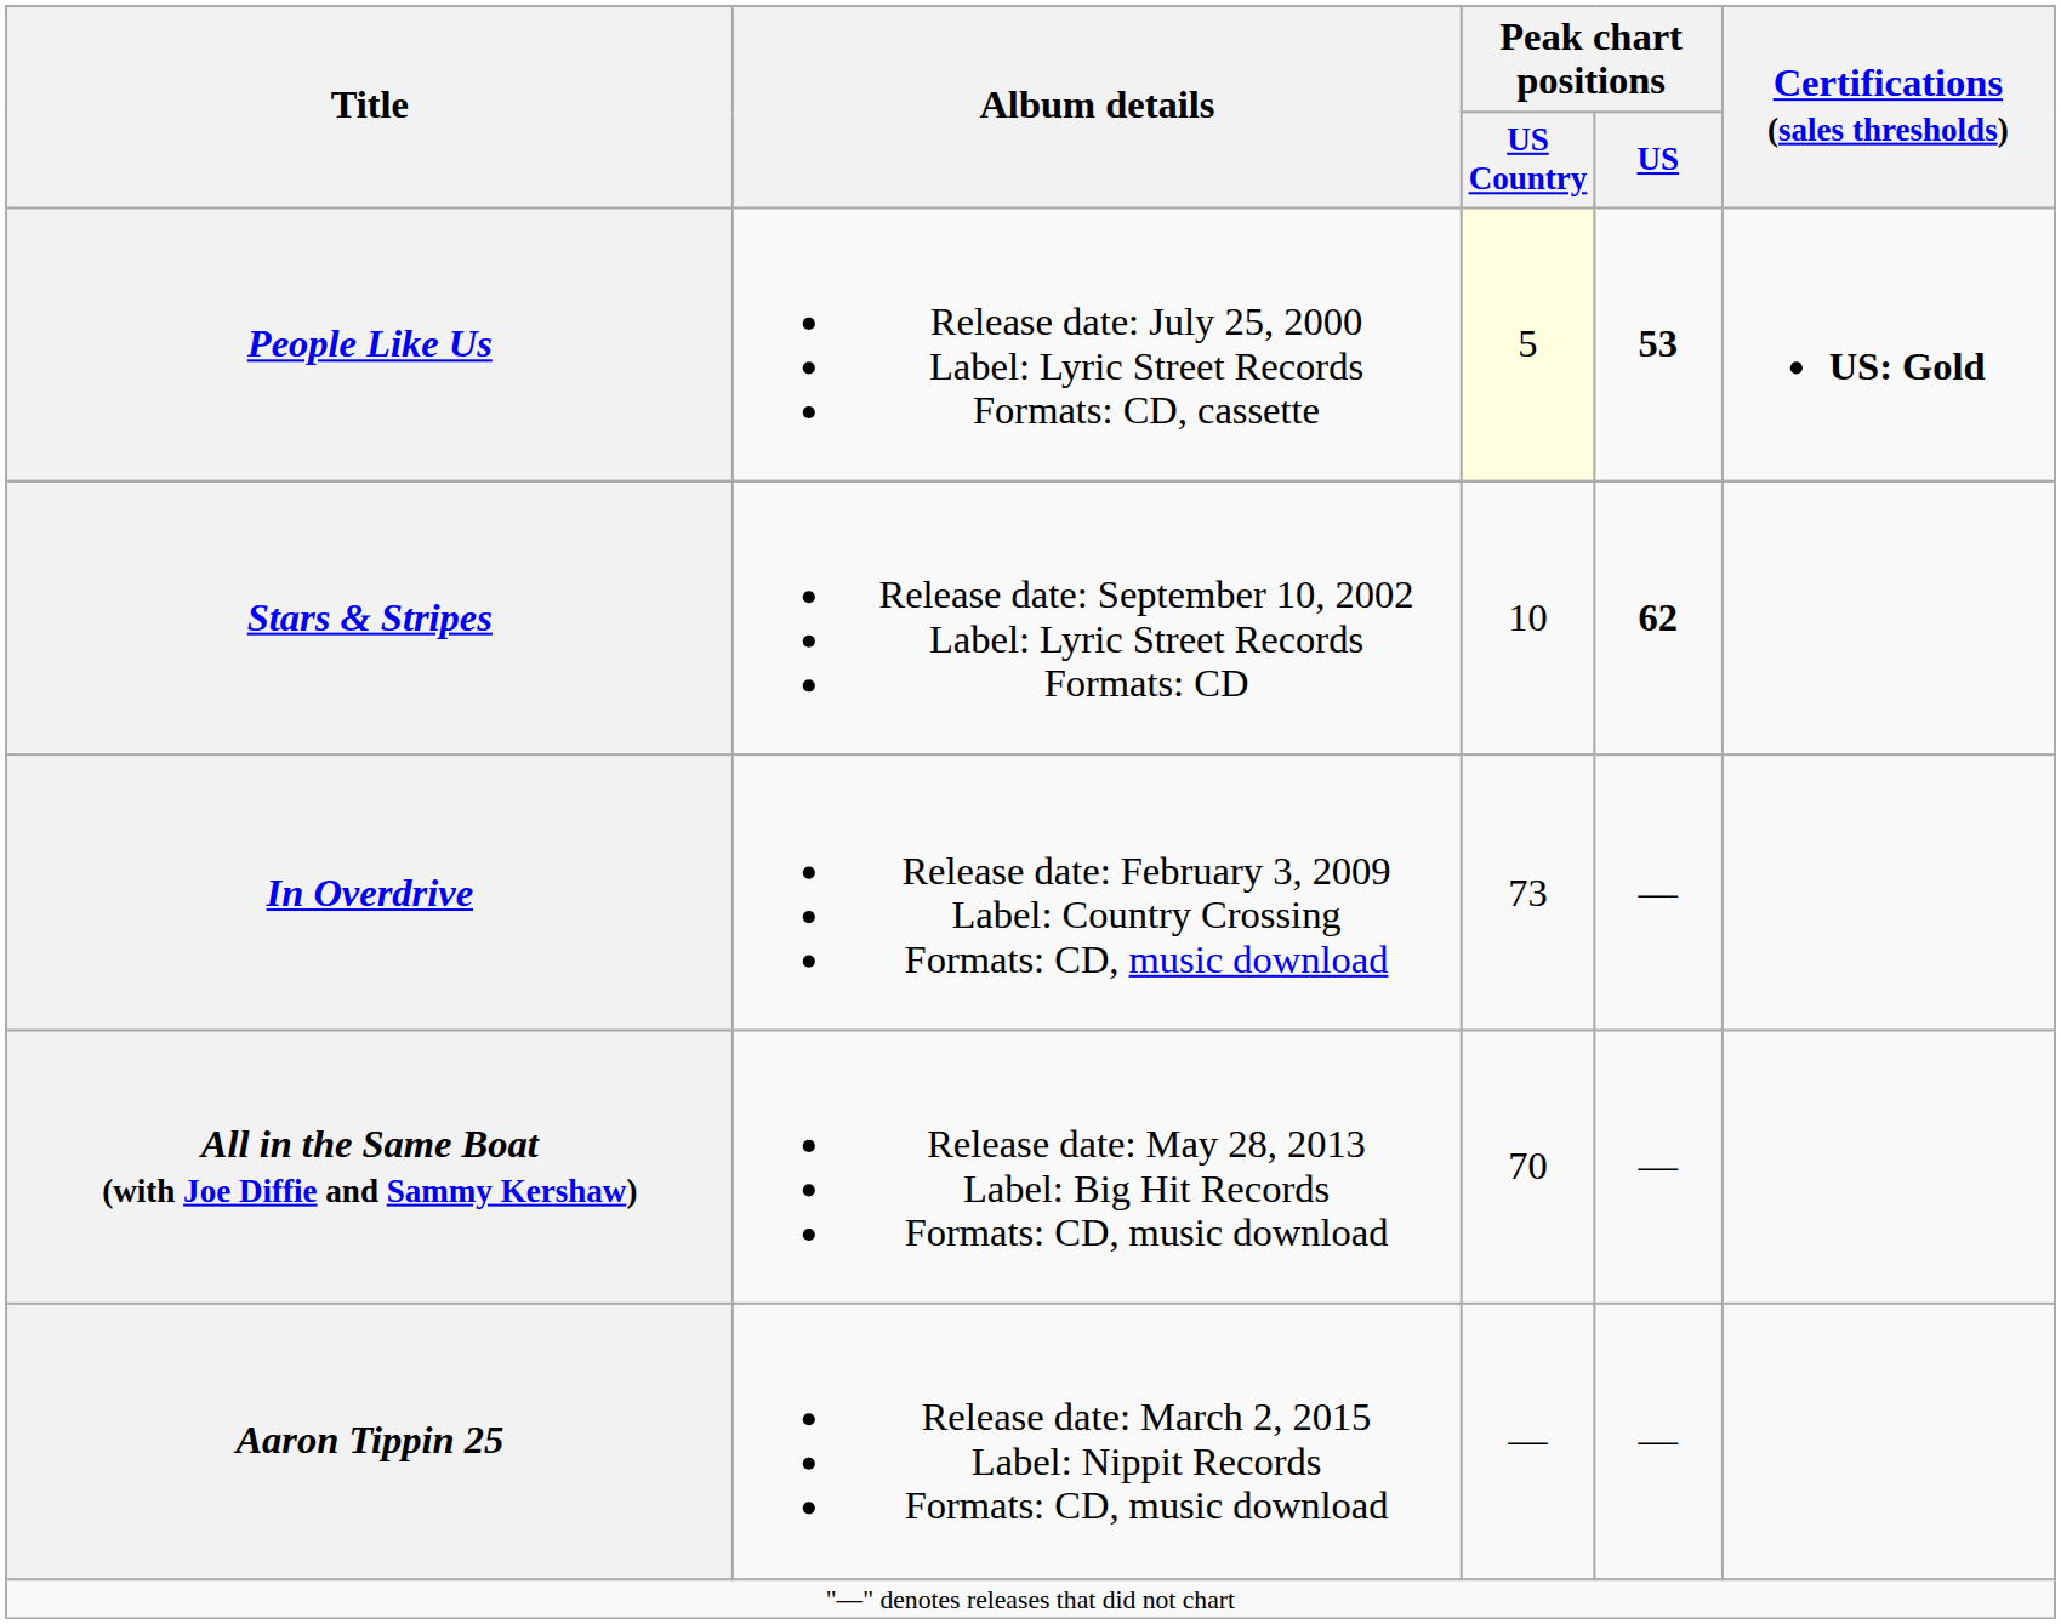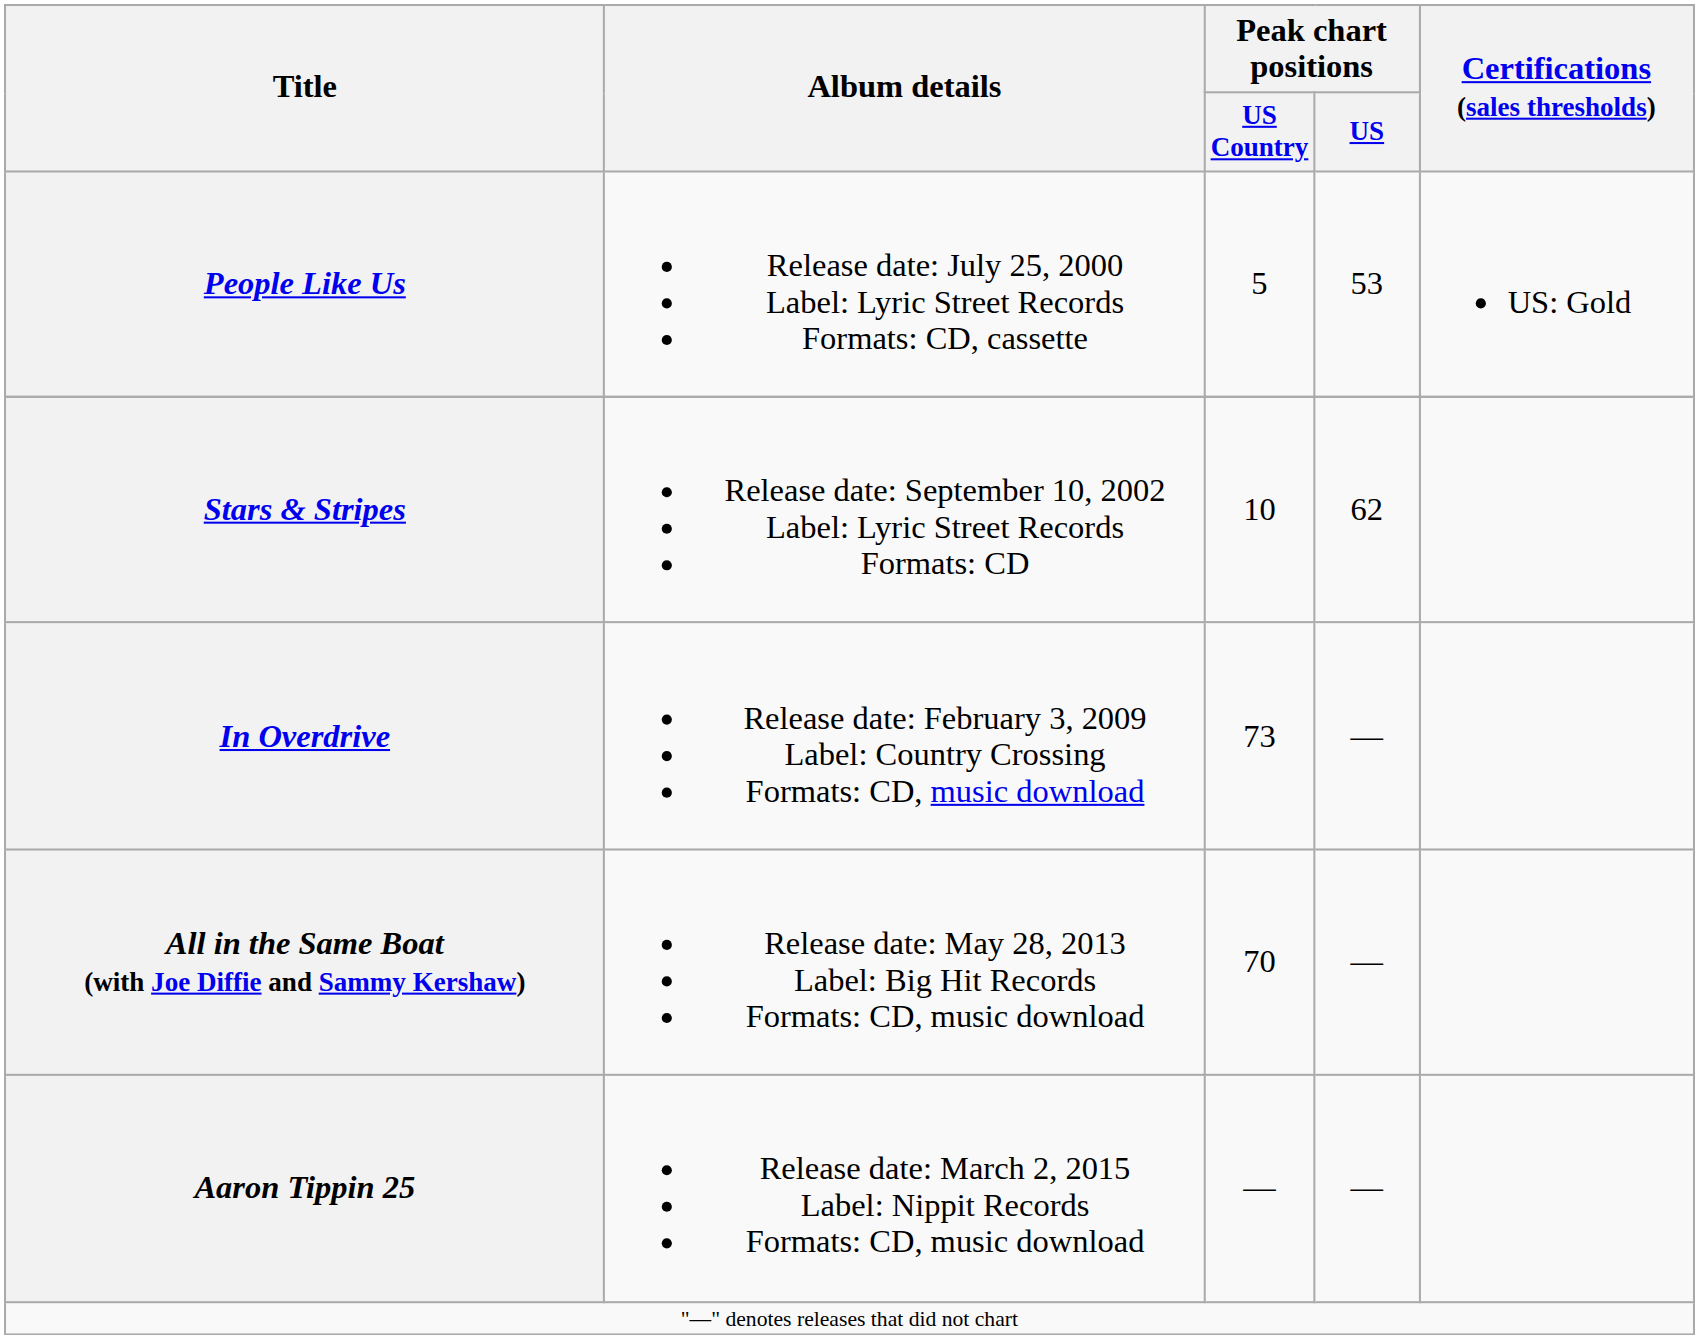 <table class="wikitable plainrowheaders" style="text-align:center;">
 <tr>
 <th rowspan="2" style="width:18em;">Title</th>
 <th rowspan="2" style="width:18em;">Album details</th>
 <th colspan="2">Peak chart<br>positions</th>
 <th rowspan="2" style="width:8em;"><a href='#'>Certifications</a><br><small>(<a href='#'>sales thresholds</a>)</small></th>
 </tr>
 <tr style="font-size:smaller;">
 <th width="45"><a href='#'>US Country</a><br></th>
 <th width="45"><a href='#'>US</a><br></th>
 </tr>
 <tr>
 <th scope="row"><em><a href='#'>People Like Us</a></em></th>
 <td><br><ul><li>Release date: July 25, 2000</li><li>Label: Lyric Street Records</li><li>Formats: CD, cassette</li></ul></td>
-<td style="background: lightyellow;">5</td>
-<td><strong>53</strong></td>
-<td align="left"><strong><br><ul><li>US: Gold</li></ul></strong></td>
+<td>5</td>
+<td>53</td>
+<td align="left"><br><ul><li>US: Gold</li></ul></td>
 </tr>
 <tr>
 </tr>
 <tr>
 <th scope="row"><em><a href='#'>Stars & Stripes</a></em></th>
 <td><br><ul><li>Release date: September 10, 2002</li><li>Label: Lyric Street Records</li><li>Formats: CD</li></ul></td>
 <td>10</td>
-<td><strong>62</strong></td>
+<td>62</td>
 <td></td>
 </tr>
 <tr>
 <th scope="row"><em><a href='#'>In Overdrive</a></em></th>
 <td><br><ul><li>Release date: February 3, 2009</li><li>Label: Country Crossing</li><li>Formats: CD, <a href='#'>music download</a></li></ul></td>
 <td>73</td>
 <td>—</td>
 <td></td>
 </tr>
 <tr>
 <th scope="row"><em>All in the Same Boat</em><br><small>(with <a href='#'>Joe Diffie</a> and <a href='#'>Sammy Kershaw</a>)</small></th>
 <td><br><ul><li>Release date: May 28, 2013</li><li>Label: Big Hit Records</li><li>Formats: CD, music download</li></ul></td>
 <td>70</td>
 <td>—</td>
 <td></td>
 </tr>
 <tr>
 <th scope="row"><em>Aaron Tippin 25</em></th>
 <td><br><ul><li>Release date: March 2, 2015</li><li>Label: Nippit Records</li><li>Formats: CD, music download</li></ul></td>
 <td>—</td>
 <td>—</td>
 <td></td>
 </tr>
 <tr>
 <td colspan="10" style="font-size:8pt">"—" denotes releases that did not chart</td>
 </tr>
 <tr>
 </tr>
 </table>
